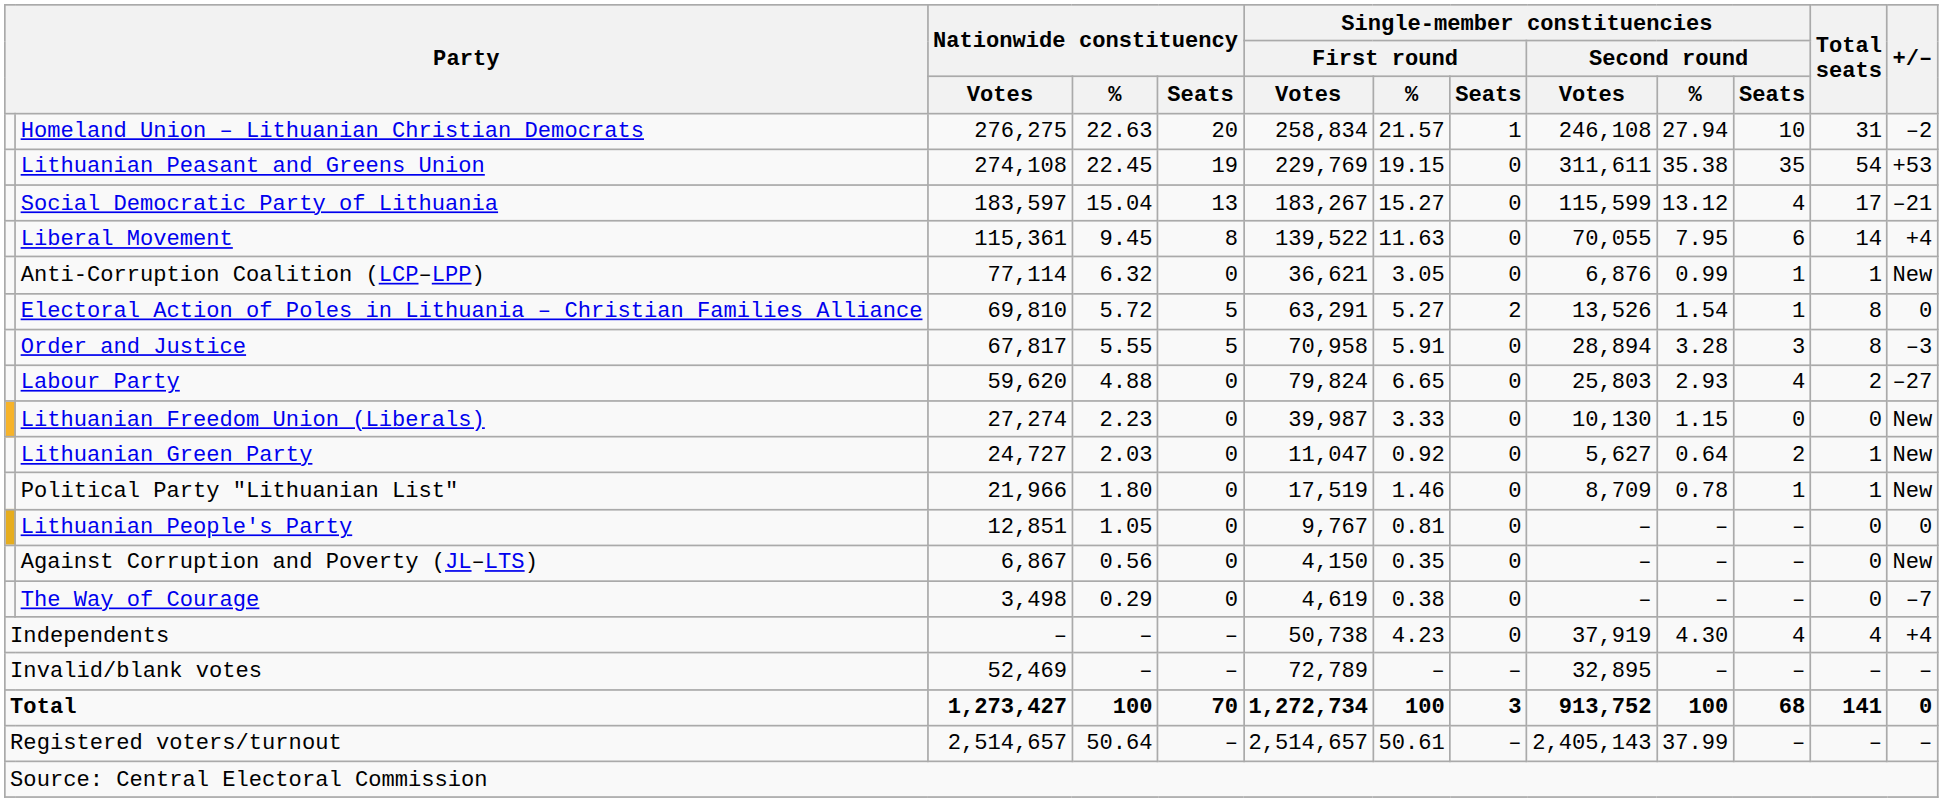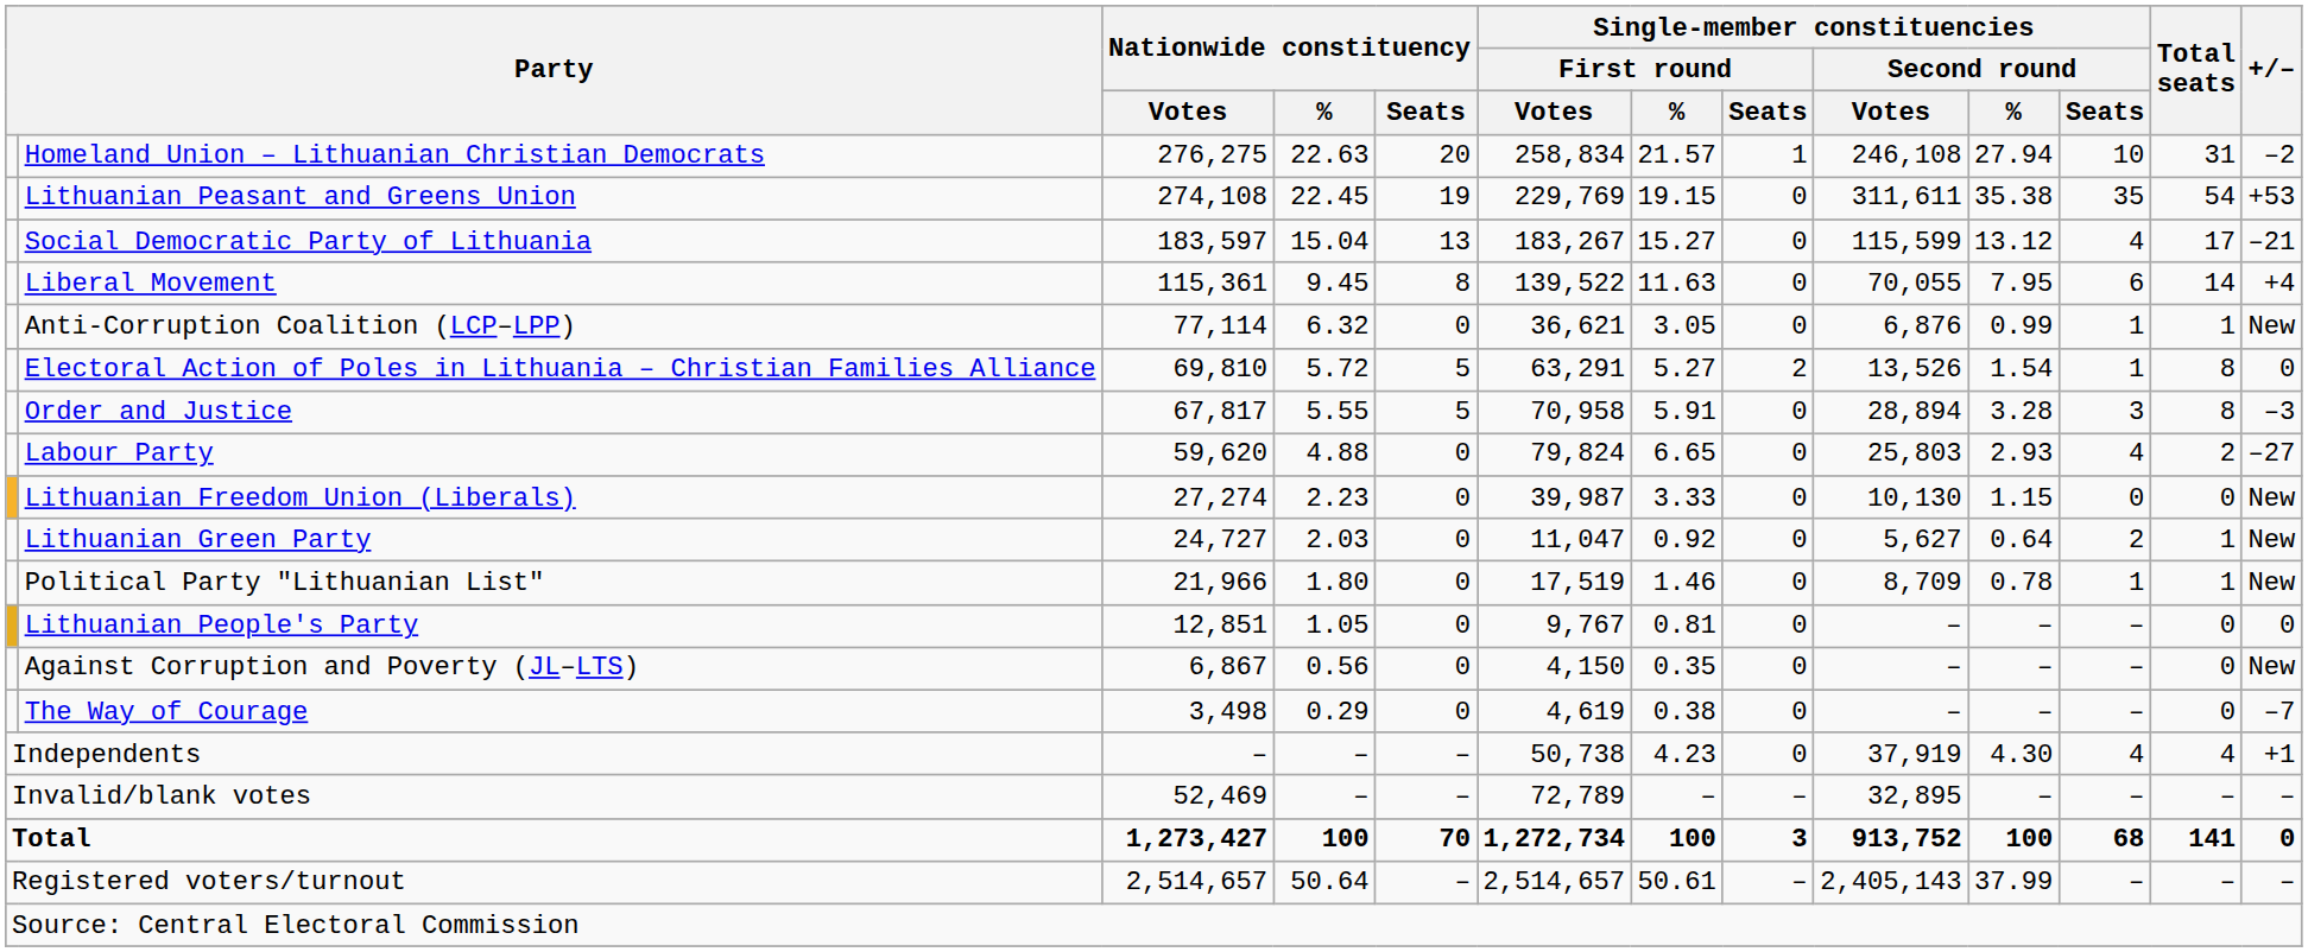 <table class=wikitable style=text-align:right>
 <tr>
 <th rowspan=3 colspan=2>Party</th>
 <th colspan=3 rowspan=2>Nationwide constituency</th>
 <th colspan=6>Single-member constituencies</th>
 <th rowspan=3>Total<br>seats</th>
 <th rowspan=3>+/–</th>
 </tr>
 <tr>
 <th colspan=3>First round</th>
 <th colspan=3>Second round</th>
 </tr>
 <tr>
 <th>Votes</th>
 <th>%</th>
 <th>Seats</th>
 <th>Votes</th>
 <th>%</th>
 <th>Seats</th>
 <th>Votes</th>
 <th>%</th>
 <th>Seats</th>
 </tr>
 <tr>
 <td style="background-color: "></td>
 <td align=left><a href='#'>Homeland Union – Lithuanian Christian Democrats</a></td>
 <td>276,275</td>
 <td>22.63</td>
 <td>20</td>
 <td>258,834</td>
 <td>21.57</td>
 <td>1</td>
 <td>246,108</td>
 <td>27.94</td>
 <td>10</td>
 <td>31</td>
 <td>–2</td>
 </tr>
 <tr>
 <td style="background-color: "></td>
 <td align=left><a href='#'>Lithuanian Peasant and Greens Union</a></td>
 <td>274,108</td>
 <td>22.45</td>
 <td>19</td>
 <td>229,769</td>
 <td>19.15</td>
 <td>0</td>
 <td>311,611</td>
 <td>35.38</td>
 <td>35</td>
 <td>54</td>
 <td>+53</td>
 </tr>
 <tr>
 <td style="background-color: "></td>
 <td align=left><a href='#'>Social Democratic Party of Lithuania</a></td>
 <td>183,597</td>
 <td>15.04</td>
 <td>13</td>
 <td>183,267</td>
 <td>15.27</td>
 <td>0</td>
 <td>115,599</td>
 <td>13.12</td>
 <td>4</td>
 <td>17</td>
 <td>–21</td>
 </tr>
 <tr>
 <td style="background-color: "></td>
 <td align=left><a href='#'>Liberal Movement</a></td>
 <td>115,361</td>
 <td>9.45</td>
 <td>8</td>
 <td>139,522</td>
 <td>11.63</td>
 <td>0</td>
 <td>70,055</td>
 <td>7.95</td>
 <td>6</td>
 <td>14</td>
 <td>+4</td>
 </tr>
 <tr>
 <td></td>
 <td align=left>Anti-Corruption Coalition (<a href='#'>LCP</a>–<a href='#'>LPP</a>)</td>
 <td>77,114</td>
 <td>6.32</td>
 <td>0</td>
 <td>36,621</td>
 <td>3.05</td>
 <td>0</td>
 <td>6,876</td>
 <td>0.99</td>
 <td>1</td>
 <td>1</td>
 <td>New</td>
 </tr>
 <tr>
 <td style="background-color: "></td>
 <td align=left><a href='#'>Electoral Action of Poles in Lithuania – Christian Families Alliance</a></td>
 <td>69,810</td>
 <td>5.72</td>
 <td>5</td>
 <td>63,291</td>
 <td>5.27</td>
 <td>2</td>
 <td>13,526</td>
 <td>1.54</td>
 <td>1</td>
 <td>8</td>
 <td>0</td>
 </tr>
 <tr>
 <td style="background-color: "></td>
 <td align=left><a href='#'>Order and Justice</a></td>
 <td>67,817</td>
 <td>5.55</td>
 <td>5</td>
 <td>70,958</td>
 <td>5.91</td>
 <td>0</td>
 <td>28,894</td>
 <td>3.28</td>
 <td>3</td>
 <td>8</td>
 <td>–3</td>
 </tr>
 <tr>
 <td style="background-color: "></td>
 <td align=left><a href='#'>Labour Party</a></td>
 <td>59,620</td>
 <td>4.88</td>
 <td>0</td>
 <td>79,824</td>
 <td>6.65</td>
 <td>0</td>
 <td>25,803</td>
 <td>2.93</td>
 <td>4</td>
 <td>2</td>
 <td>–27</td>
 </tr>
 <tr>
 <td style="background-color: #F7B329"></td>
 <td align=left><a href='#'>Lithuanian Freedom Union (Liberals)</a></td>
 <td>27,274</td>
 <td>2.23</td>
 <td>0</td>
 <td>39,987</td>
 <td>3.33</td>
 <td>0</td>
 <td>10,130</td>
 <td>1.15</td>
 <td>0</td>
 <td>0</td>
 <td>New</td>
 </tr>
 <tr>
 <td style="background-color: "></td>
 <td align=left><a href='#'>Lithuanian Green Party</a></td>
 <td>24,727</td>
 <td>2.03</td>
 <td>0</td>
 <td>11,047</td>
 <td>0.92</td>
 <td>0</td>
 <td>5,627</td>
 <td>0.64</td>
 <td>2</td>
 <td>1</td>
 <td>New</td>
 </tr>
 <tr>
 <td></td>
 <td align=left>Political Party "Lithuanian List"</td>
 <td>21,966</td>
 <td>1.80</td>
 <td>0</td>
 <td>17,519</td>
 <td>1.46</td>
 <td>0</td>
 <td>8,709</td>
 <td>0.78</td>
 <td>1</td>
 <td>1</td>
 <td>New</td>
 </tr>
 <tr>
 <td style="background-color: #E6AD1E"></td>
 <td align=left><a href='#'>Lithuanian People's Party</a></td>
 <td>12,851</td>
 <td>1.05</td>
 <td>0</td>
 <td>9,767</td>
 <td>0.81</td>
 <td>0</td>
 <td>–</td>
 <td>–</td>
 <td>–</td>
 <td>0</td>
 <td>0</td>
 </tr>
 <tr>
 <td></td>
 <td align=left>Against Corruption and Poverty (<a href='#'>JL</a>–<a href='#'>LTS</a>)</td>
 <td>6,867</td>
 <td>0.56</td>
 <td>0</td>
 <td>4,150</td>
 <td>0.35</td>
 <td>0</td>
 <td>–</td>
 <td>–</td>
 <td>–</td>
 <td>0</td>
 <td>New</td>
 </tr>
 <tr>
 <td style="background-color: "></td>
 <td align=left><a href='#'>The Way of Courage</a></td>
 <td>3,498</td>
 <td>0.29</td>
 <td>0</td>
 <td>4,619</td>
 <td>0.38</td>
 <td>0</td>
 <td>–</td>
 <td>–</td>
 <td>–</td>
 <td>0</td>
 <td>–7</td>
 </tr>
 <tr>
 <td colspan=2 style="text-align:left;">Independents</td>
 <td>–</td>
 <td>–</td>
 <td>–</td>
 <td>50,738</td>
 <td>4.23</td>
 <td>0</td>
 <td>37,919</td>
 <td>4.30</td>
 <td>4</td>
 <td>4</td>
-<td>+4</td>
+<td>+1</td>
 </tr>
 <tr>
 <td colspan=2 align=left>Invalid/blank votes</td>
 <td>52,469</td>
 <td>–</td>
 <td>–</td>
 <td>72,789</td>
 <td>–</td>
 <td>–</td>
 <td>32,895</td>
 <td>–</td>
 <td>–</td>
 <td>–</td>
 <td>–</td>
 </tr>
 <tr>
 <td colspan=2 align=left><strong>Total</strong></td>
 <td><strong>1,273,427</strong></td>
 <td><strong>100</strong></td>
 <td><strong>70</strong></td>
 <td><strong>1,272,734</strong></td>
 <td><strong>100</strong></td>
 <td><strong>3</strong></td>
 <td><strong>913,752</strong></td>
 <td><strong>100</strong></td>
 <td><strong>68</strong></td>
 <td><strong>141</strong></td>
 <td><strong>0</strong></td>
 </tr>
 <tr>
 <td colspan=2 align=left>Registered voters/turnout</td>
 <td>2,514,657</td>
 <td>50.64</td>
 <td>–</td>
 <td>2,514,657</td>
 <td>50.61</td>
 <td>–</td>
 <td>2,405,143</td>
 <td>37.99</td>
 <td>–</td>
 <td>–</td>
 <td>–</td>
 </tr>
 <tr>
 <td align=left colspan=13>Source: Central Electoral Commission</td>
 </tr>
 </table>
